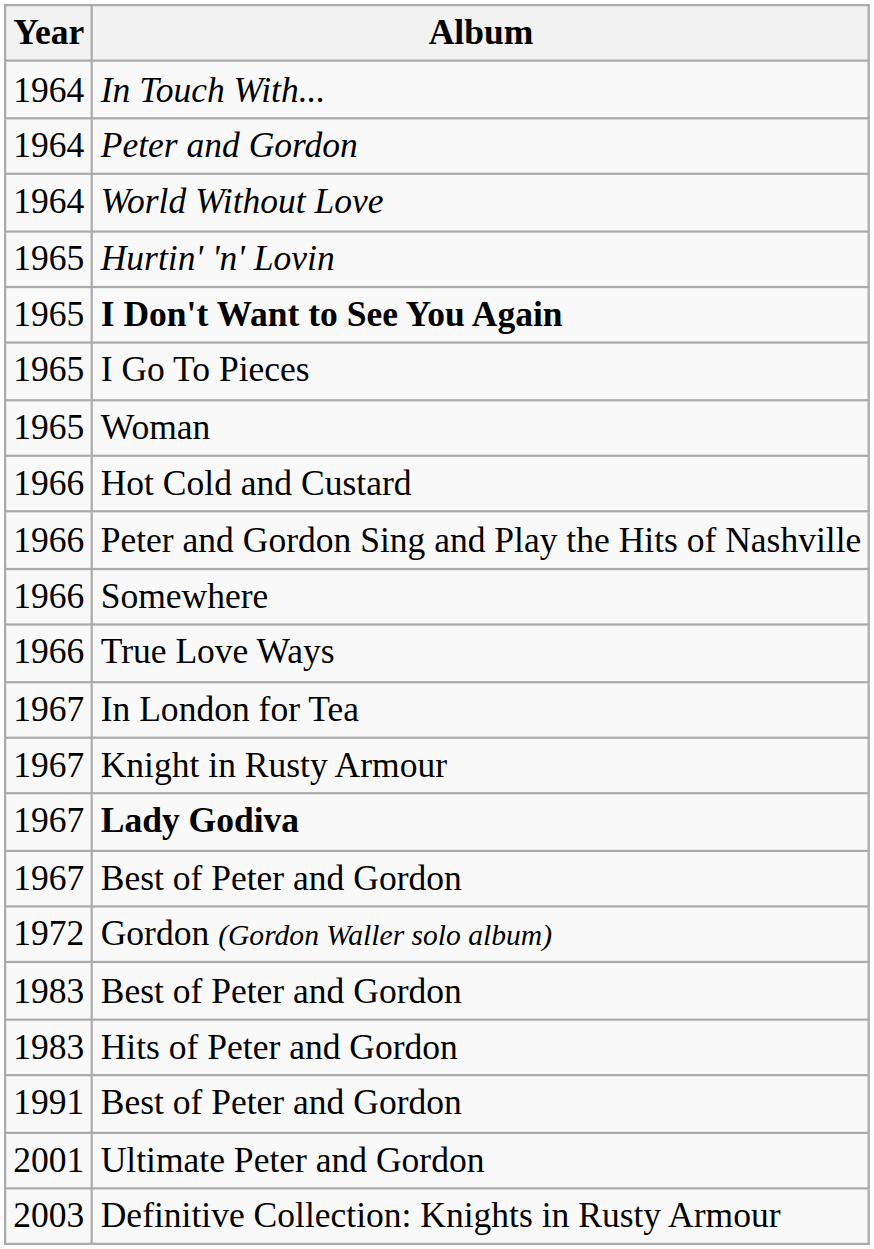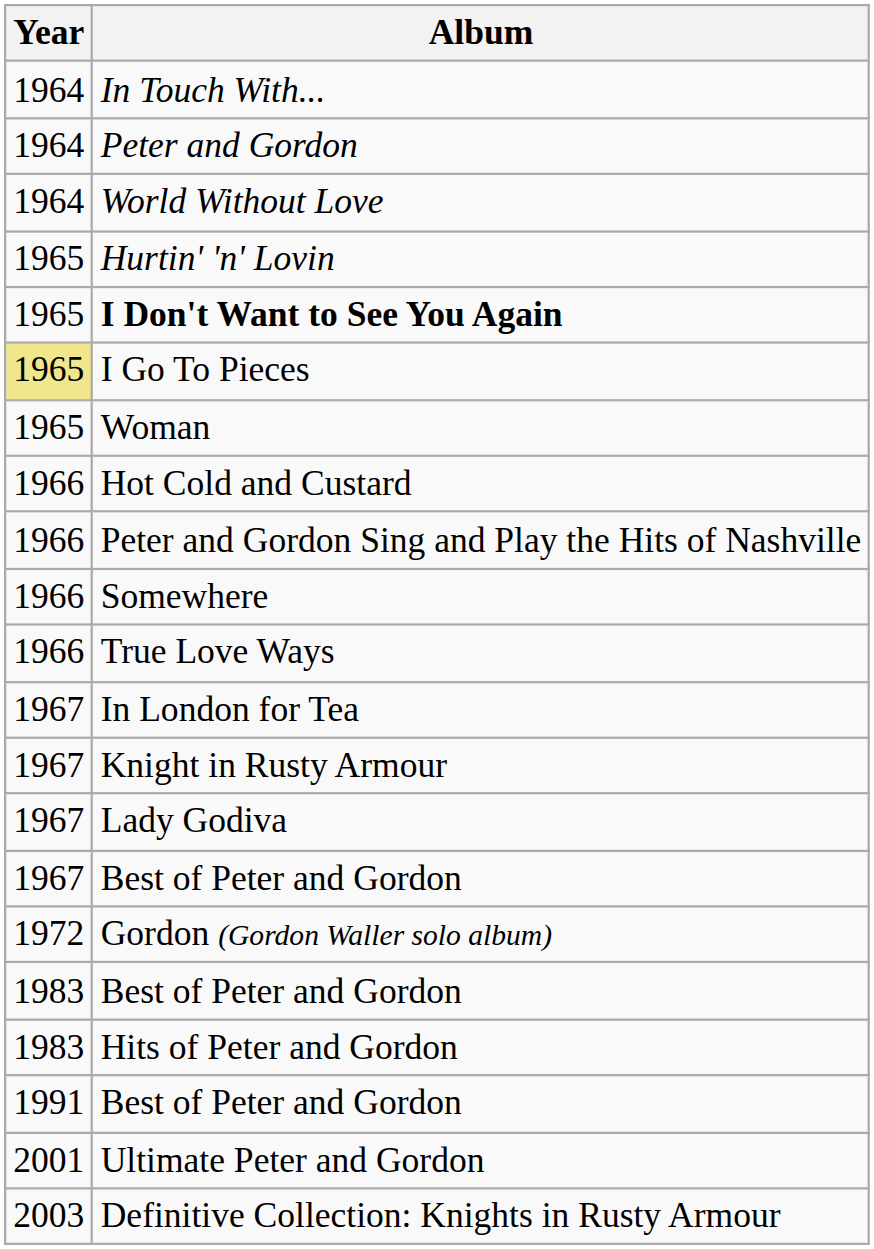 <table class="wikitable" style="text-align: center">
 <tr>
 <th>Year</th>
 <th>Album</th>
 </tr>
 <tr>
 <td>1964</td>
 <td align="left"><em>In Touch With...</em></td>
 </tr>
 <tr>
 <td>1964</td>
 <td align="left"><em>Peter and Gordon</em></td>
 </tr>
 <tr>
 <td>1964</td>
 <td align="left"><em>World Without Love</em></td>
 </tr>
 <tr>
 <td>1965</td>
 <td align="left"><em>Hurtin' 'n' Lovin<strong></td>
 </tr>
 <tr>
 <td>1965</td>
 <td align="left"><strong></em>I Don't Want to See You Again<em></strong></td>
 </tr>
 <tr>
-<td>1965</td>
+<td style="background: khaki;">1965</td>
 <td align="left"></em>I Go To Pieces<em></td>
 </tr>
 <tr>
 <td>1965</td>
 <td align="left"></em>Woman<em></td>
 </tr>
 <tr>
 <td>1966</td>
 <td align="left"></em>Hot Cold and Custard<em></td>
 </tr>
 <tr>
 <td>1966</td>
 <td align="left"></em>Peter and Gordon Sing and Play the Hits of Nashville<em></td>
 </tr>
 <tr>
 <td>1966</td>
 <td align="left"></em>Somewhere<em></td>
 </tr>
 <tr>
 <td>1966</td>
 <td align="left"></em>True Love Ways<em></td>
 </tr>
 <tr>
 <td>1967</td>
 <td align="left"></em>In London for Tea<em></td>
 </tr>
 <tr>
 <td>1967</td>
 <td align="left"></em>Knight in Rusty Armour<em></td>
 </tr>
 <tr>
 <td>1967</td>
-<td align="left"><strong></em>Lady Godiva<em></strong></td>
+<td align="left"></em>Lady Godiva<em></td>
 </tr>
 <tr>
 <td>1967</td>
 <td align="left"></em>Best of Peter and Gordon<em></td>
 </tr>
 <tr>
 <td>1972</td>
 <td align="left"></em>Gordon<em> <small>(Gordon Waller solo album)</small></td>
 </tr>
 <tr>
 <td>1983</td>
 <td align="left"></em>Best of Peter and Gordon<em></td>
 </tr>
 <tr>
 <td>1983</td>
 <td align="left"></em>Hits of Peter and Gordon<em></td>
 </tr>
 <tr>
 <td>1991</td>
 <td align="left"></em>Best of Peter and Gordon<em></td>
 </tr>
 <tr>
 <td>2001</td>
 <td align="left"></em>Ultimate Peter and Gordon<em></td>
 </tr>
 <tr>
 <td>2003</td>
 <td align="left"></em>Definitive Collection: Knights in Rusty Armour<em></td>
 </tr>
 </table>
